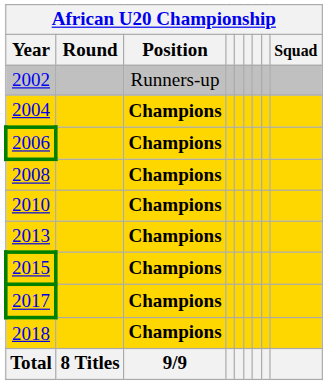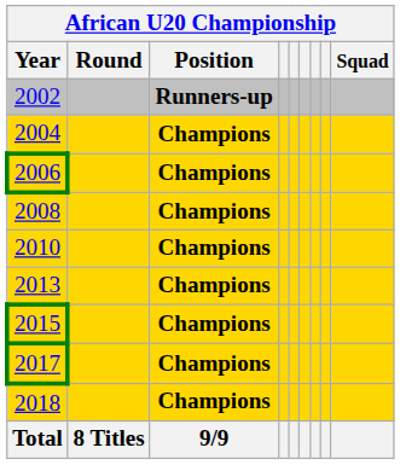 <table class="wikitable" style="text-align: center;">
 <tr>
 <th colspan=9><a href='#'>African U20 Championship</a></th>
 </tr>
 <tr>
 <th>Year</th>
 <th>Round</th>
 <th>Position</th>
 <th></th>
 <th></th>
 <th></th>
 <th></th>
 <th></th>
 <th><small>Squad</small></th>
 </tr>
 <tr bgcolor=silver>
 <td> <a href='#'>2002</a></td>
 <td></td>
-<td>Runners-up</td>
+<td><strong>Runners-up</strong></td>
 <td></td>
 <td></td>
 <td></td>
 <td></td>
 <td></td>
 <td></td>
 </tr>
 <tr bgcolor=gold>
 <td> <a href='#'>2004</a></td>
 <td></td>
 <td><strong>Champions</strong></td>
 <td></td>
 <td></td>
 <td></td>
 <td></td>
 <td></td>
 <td></td>
 </tr>
 <tr bgcolor=gold>
 <td style="border:3px solid green"> <a href='#'>2006</a></td>
 <td></td>
 <td><strong>Champions</strong></td>
 <td></td>
 <td></td>
 <td></td>
 <td></td>
 <td></td>
 <td></td>
 </tr>
 <tr bgcolor=gold>
 <td> <a href='#'>2008</a></td>
 <td></td>
 <td><strong>Champions</strong></td>
 <td></td>
 <td></td>
 <td></td>
 <td></td>
 <td></td>
 <td></td>
 </tr>
 <tr bgcolor=gold>
 <td> <a href='#'>2010</a></td>
 <td></td>
 <td><strong>Champions</strong></td>
 <td></td>
 <td></td>
 <td></td>
 <td></td>
 <td></td>
 <td></td>
 </tr>
 <tr bgcolor=gold>
 <td> <a href='#'>2013</a></td>
 <td></td>
 <td><strong>Champions</strong></td>
 <td></td>
 <td></td>
 <td></td>
 <td></td>
 <td></td>
 <td></td>
 </tr>
 <tr bgcolor=gold>
 <td style="border:3px solid green"> <a href='#'>2015</a></td>
 <td></td>
 <td><strong>Champions</strong></td>
 <td></td>
 <td></td>
 <td></td>
 <td></td>
 <td></td>
 <td></td>
 </tr>
 <tr bgcolor=gold>
 <td style="border:3px solid green"> <a href='#'>2017</a></td>
 <td></td>
 <td><strong>Champions</strong></td>
 <td></td>
 <td></td>
 <td></td>
 <td></td>
 <td></td>
 <td></td>
 </tr>
 <tr bgcolor=gold>
 <td> <a href='#'>2018</a></td>
 <td></td>
 <td><strong>Champions</strong></td>
 <td></td>
 <td></td>
 <td></td>
 <td></td>
 <td></td>
 <td></td>
 </tr>
 <tr>
 <th>Total</th>
 <th>8 Titles</th>
 <th>9/9</th>
 <th></th>
 <th></th>
 <th></th>
 <th></th>
 <th></th>
 <th></th>
 </tr>
 </table>
